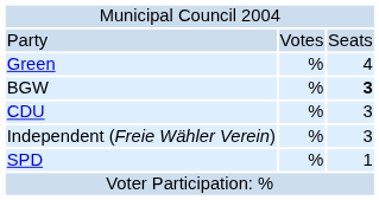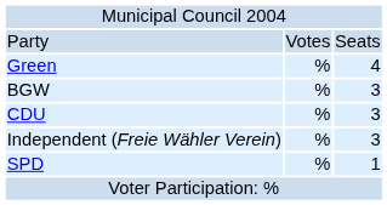 <table border=0>
 <tr bgcolor=#FFFFFF>
 </tr>
 <tr bgcolor=#CCDDEE>
 <td colspan=6 align=center>Municipal Council 2004</td>
 </tr>
 <tr bgcolor=#CCDDEE>
 <td>Party</td>
 <td>Votes</td>
 <td>Seats</td>
 </tr>
 <tr bgcolor=#DDEEFF>
 <td><a href='#'>Green</a></td>
 <td align=right>%</td>
 <td align=right>4</td>
 </tr>
 <tr bgcolor=#DDEEFF>
 <td>BGW</td>
 <td align=right>%</td>
-<td align=right><strong>3</strong></td>
+<td align=right>3</td>
 </tr>
 <tr bgcolor=#DDEEFF>
 <td><a href='#'>CDU</a></td>
 <td align=right>%</td>
 <td align=right>3</td>
 </tr>
 <tr bgcolor=#DDEEFF>
 <td>Independent (<em>Freie Wähler Verein</em>)</td>
 <td align=right>%</td>
 <td align=right>3</td>
 </tr>
 <tr bgcolor=#DDEEFF>
 <td><a href='#'>SPD</a></td>
 <td align=right>%</td>
 <td align=right>1</td>
 </tr>
 <tr bgcolor=#CCDDEE>
 <td colspan=6 align=center>Voter Participation: %</td>
 </tr>
 </table>
